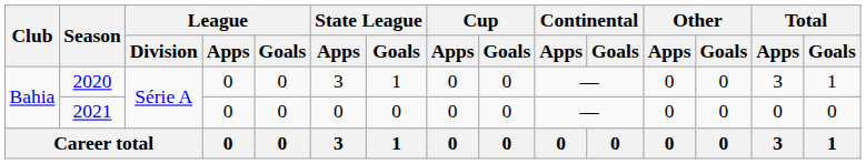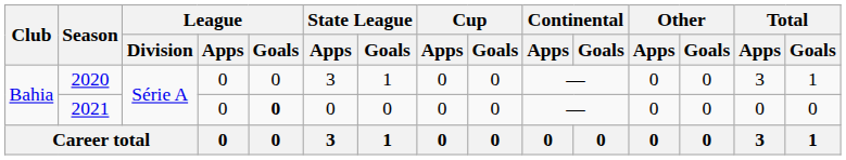 <table class="wikitable" style="text-align: center">
 <tr>
 <th rowspan="2">Club</th>
 <th rowspan="2">Season</th>
 <th colspan="3">League</th>
 <th colspan="2">State League</th>
 <th colspan="2">Cup</th>
 <th colspan="2">Continental</th>
 <th colspan="2">Other</th>
 <th colspan="2">Total</th>
 </tr>
 <tr>
 <th>Division</th>
 <th>Apps</th>
 <th>Goals</th>
 <th>Apps</th>
 <th>Goals</th>
 <th>Apps</th>
 <th>Goals</th>
 <th>Apps</th>
 <th>Goals</th>
 <th>Apps</th>
 <th>Goals</th>
 <th>Apps</th>
 <th>Goals</th>
 </tr>
 <tr>
 <td rowspan="2"><a href='#'>Bahia</a></td>
 <td><a href='#'>2020</a></td>
 <td rowspan="2"><a href='#'>Série A</a></td>
 <td>0</td>
 <td>0</td>
 <td>3</td>
 <td>1</td>
 <td>0</td>
 <td>0</td>
 <td colspan="2">—</td>
 <td>0</td>
 <td>0</td>
 <td>3</td>
 <td>1</td>
 </tr>
 <tr>
 <td><a href='#'>2021</a></td>
 <td>0</td>
-<td>0</td>
+<td><strong>0</strong></td>
 <td>0</td>
 <td>0</td>
 <td>0</td>
 <td>0</td>
 <td colspan="2">—</td>
 <td>0</td>
 <td>0</td>
 <td>0</td>
 <td>0</td>
 </tr>
 <tr>
 <th colspan="3"><strong>Career total</strong></th>
 <th>0</th>
 <th>0</th>
 <th>3</th>
 <th>1</th>
 <th>0</th>
 <th>0</th>
 <th>0</th>
 <th>0</th>
 <th>0</th>
 <th>0</th>
 <th>3</th>
 <th>1</th>
 </tr>
 </table>
